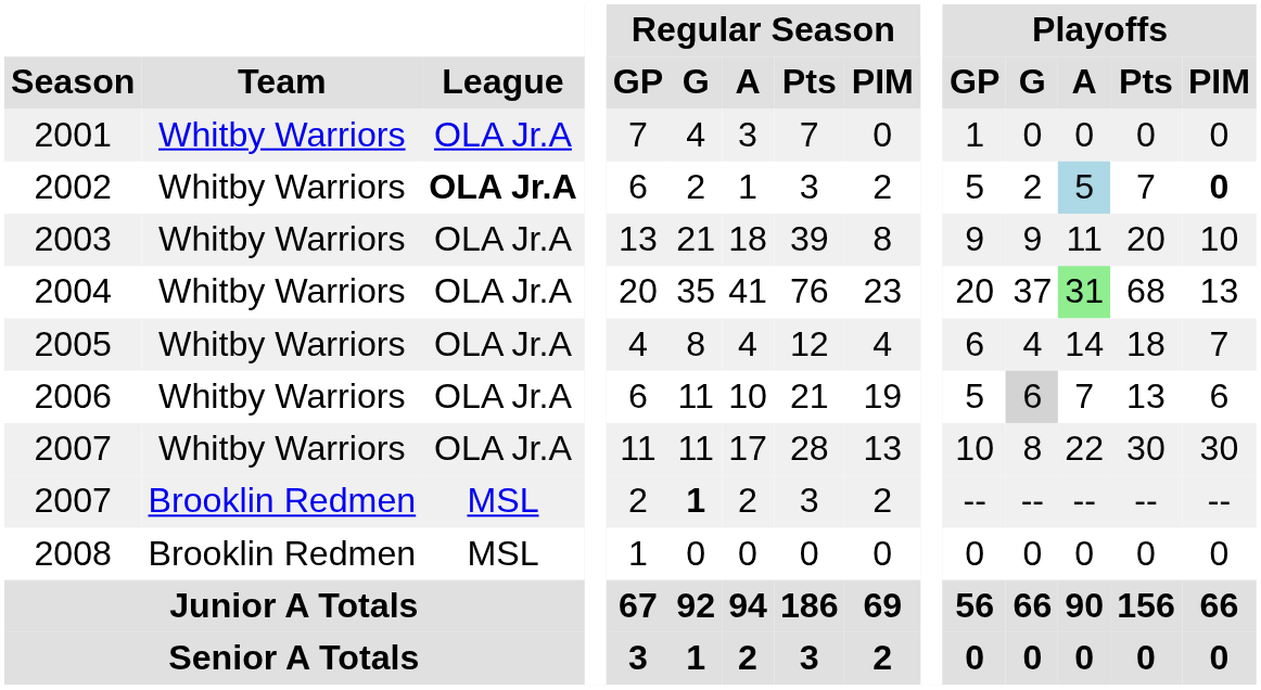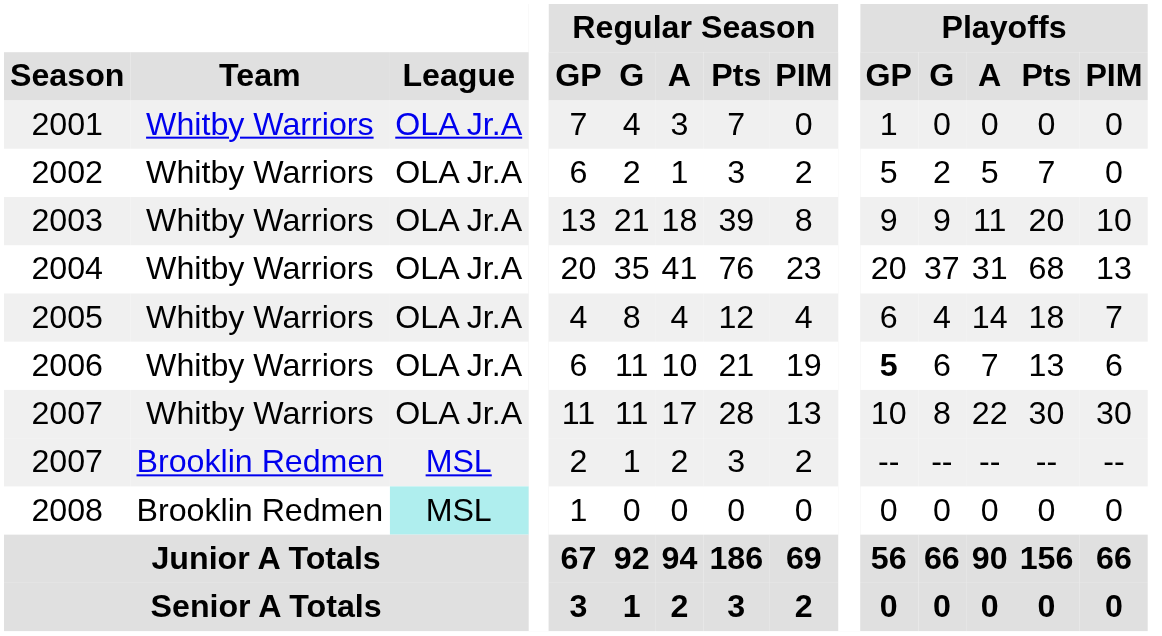 <table BORDER="0" CELLPADDING="3" CELLSPACING="0">
 <tr ALIGN="center" bgcolor="#e0e0e0">
 <th colspan="3" bgcolor="#ffffff"> </th>
 <th rowspan="99" bgcolor="#ffffff"> </th>
 <th colspan="5">Regular Season</th>
 <th rowspan="99" bgcolor="#ffffff"> </th>
 <th colspan="5">Playoffs</th>
 </tr>
 <tr ALIGN="center" bgcolor="#e0e0e0">
 <th>Season</th>
 <th>Team</th>
 <th>League</th>
 <th>GP</th>
 <th>G</th>
 <th>A</th>
 <th>Pts</th>
 <th>PIM</th>
 <th>GP</th>
 <th>G</th>
 <th>A</th>
 <th>Pts</th>
 <th>PIM</th>
 </tr>
 <tr ALIGN="center" bgcolor="#f0f0f0">
 <td>2001</td>
 <td><a href='#'>Whitby Warriors</a></td>
 <td><a href='#'>OLA Jr.A</a></td>
 <td>7</td>
 <td>4</td>
 <td>3</td>
 <td>7</td>
 <td>0</td>
 <td>1</td>
 <td>0</td>
 <td>0</td>
 <td>0</td>
 <td>0</td>
 </tr>
 <tr ALIGN="center">
 <td>2002</td>
 <td>Whitby Warriors</td>
-<td><strong>OLA Jr.A</strong></td>
+<td>OLA Jr.A</td>
 <td>6</td>
 <td>2</td>
 <td>1</td>
 <td>3</td>
 <td>2</td>
 <td>5</td>
 <td>2</td>
-<td style="background: lightblue;">5</td>
+<td>5</td>
 <td>7</td>
-<td><strong>0</strong></td>
+<td>0</td>
 </tr>
 <tr ALIGN="center" bgcolor="#f0f0f0">
 <td>2003</td>
 <td>Whitby Warriors</td>
 <td>OLA Jr.A</td>
 <td>13</td>
 <td>21</td>
 <td>18</td>
 <td>39</td>
 <td>8</td>
 <td>9</td>
 <td>9</td>
 <td>11</td>
 <td>20</td>
 <td>10</td>
 </tr>
 <tr ALIGN="center">
 <td>2004</td>
 <td>Whitby Warriors</td>
 <td>OLA Jr.A</td>
 <td>20</td>
 <td>35</td>
 <td>41</td>
 <td>76</td>
 <td>23</td>
 <td>20</td>
 <td>37</td>
-<td style="background: lightgreen;">31</td>
+<td>31</td>
 <td>68</td>
 <td>13</td>
 </tr>
 <tr ALIGN="center" bgcolor="#f0f0f0">
 <td>2005</td>
 <td>Whitby Warriors</td>
 <td>OLA Jr.A</td>
 <td>4</td>
 <td>8</td>
 <td>4</td>
 <td>12</td>
 <td>4</td>
 <td>6</td>
 <td>4</td>
 <td>14</td>
 <td>18</td>
 <td>7</td>
 </tr>
 <tr ALIGN="center">
 <td>2006</td>
 <td>Whitby Warriors</td>
 <td>OLA Jr.A</td>
 <td>6</td>
 <td>11</td>
 <td>10</td>
 <td>21</td>
 <td>19</td>
-<td>5</td>
-<td style="background: lightgrey;">6</td>
+<td><strong>5</strong></td>
+<td>6</td>
 <td>7</td>
 <td>13</td>
 <td>6</td>
 </tr>
 <tr ALIGN="center" bgcolor="#f0f0f0">
 <td>2007</td>
 <td>Whitby Warriors</td>
 <td>OLA Jr.A</td>
 <td>11</td>
 <td>11</td>
 <td>17</td>
 <td>28</td>
 <td>13</td>
 <td>10</td>
 <td>8</td>
 <td>22</td>
 <td>30</td>
 <td>30</td>
 </tr>
 <tr ALIGN="center" bgcolor="#f0f0f0">
 <td>2007</td>
 <td><a href='#'>Brooklin Redmen</a></td>
 <td><a href='#'>MSL</a></td>
 <td>2</td>
-<td><strong>1</strong></td>
+<td>1</td>
 <td>2</td>
 <td>3</td>
 <td>2</td>
 <td>--</td>
 <td>--</td>
 <td>--</td>
 <td>--</td>
 <td>--</td>
 </tr>
 <tr ALIGN="center">
 <td>2008</td>
 <td>Brooklin Redmen</td>
-<td>MSL</td>
+<td style="background: paleturquoise;">MSL</td>
 <td>1</td>
 <td>0</td>
 <td>0</td>
 <td>0</td>
 <td>0</td>
 <td>0</td>
 <td>0</td>
 <td>0</td>
 <td>0</td>
 <td>0</td>
 </tr>
 <tr ALIGN="center" bgcolor="#e0e0e0">
 <th colspan="3">Junior A Totals</th>
 <th>67</th>
 <th>92</th>
 <th>94</th>
 <th>186</th>
 <th>69</th>
 <th>56</th>
 <th>66</th>
 <th>90</th>
 <th>156</th>
 <th>66</th>
 </tr>
 <tr ALIGN="center" bgcolor="#e0e0e0">
 <th colspan="3">Senior A Totals</th>
 <th>3</th>
 <th>1</th>
 <th>2</th>
 <th>3</th>
 <th>2</th>
 <th>0</th>
 <th>0</th>
 <th>0</th>
 <th>0</th>
 <th>0</th>
 </tr>
 </table>
